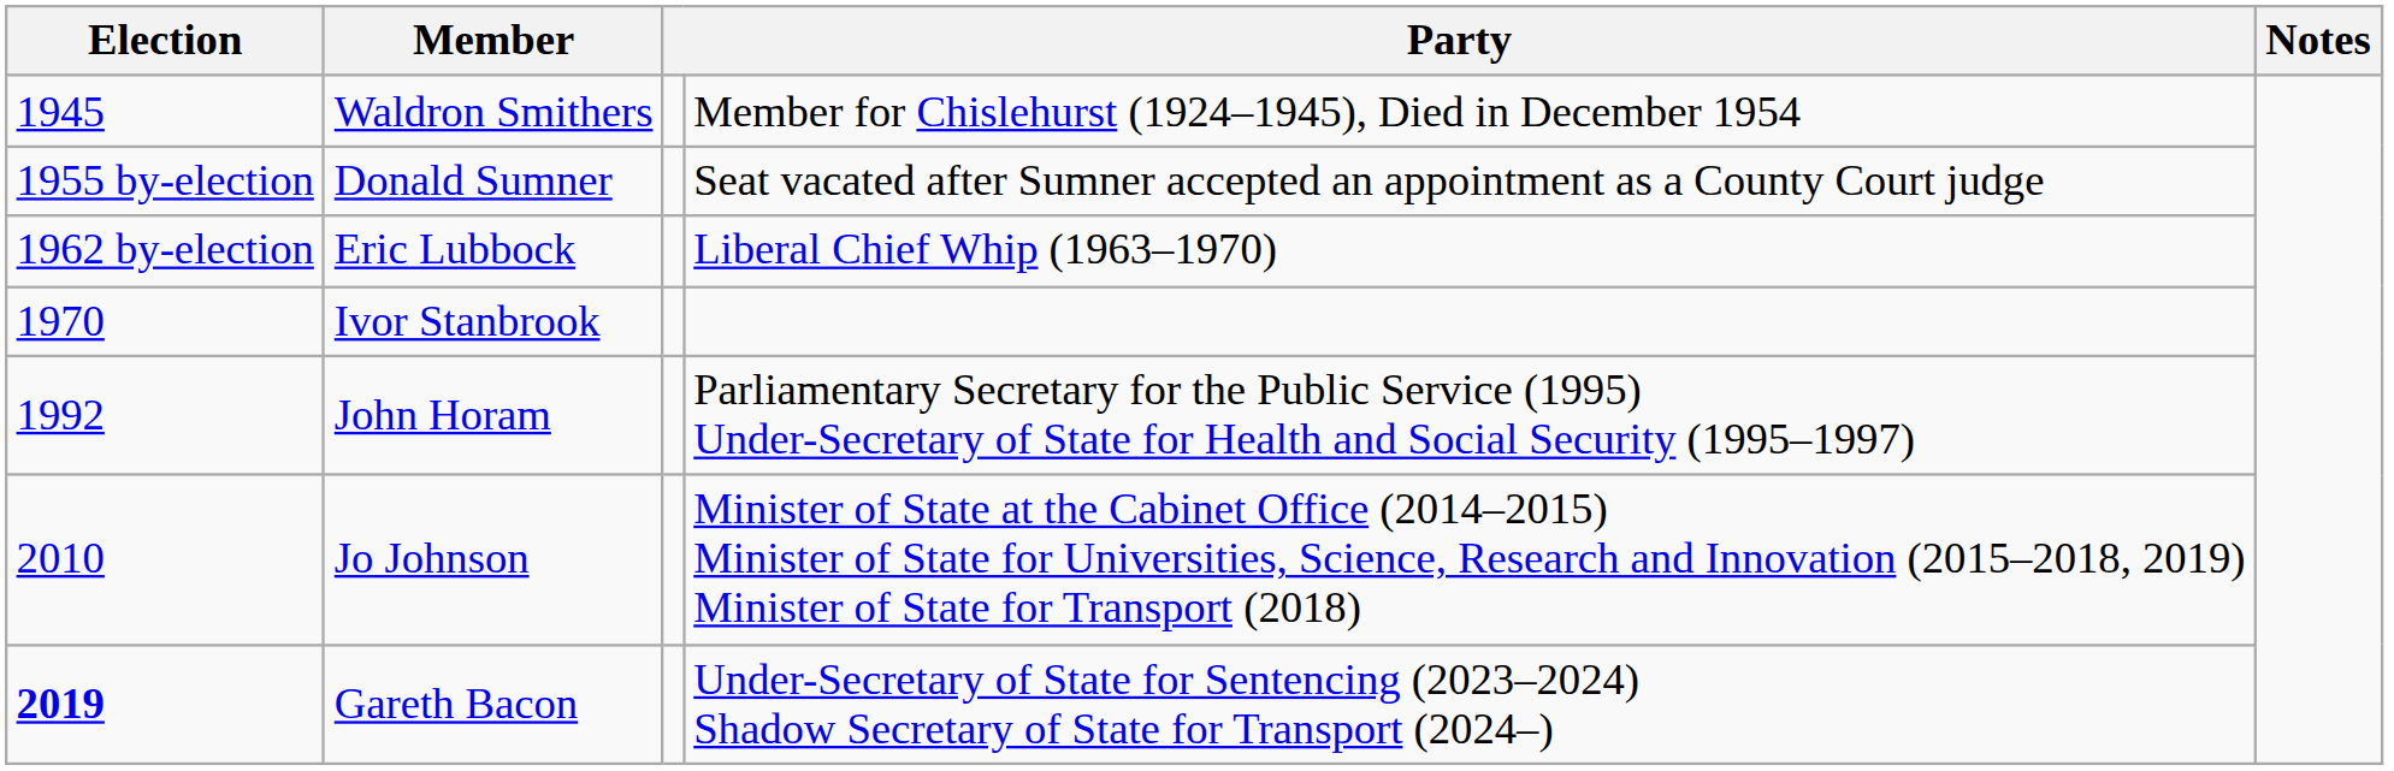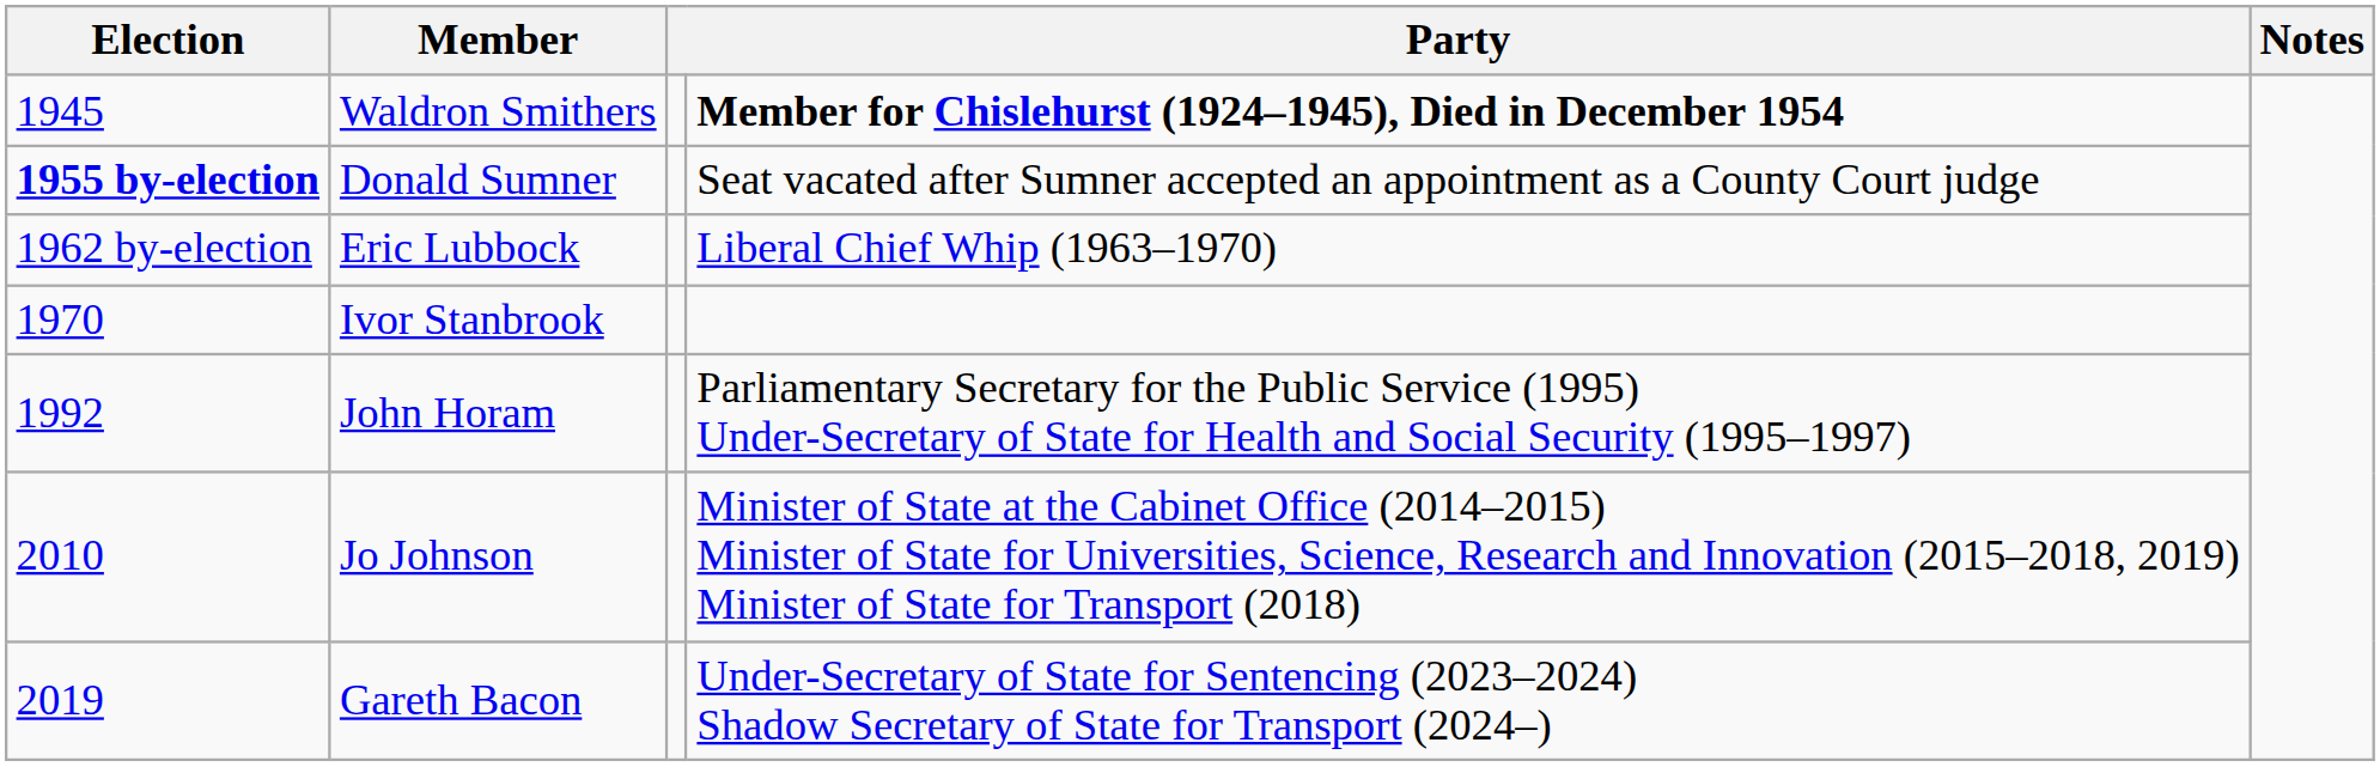 <table class="wikitable">
 <tr>
 <th>Election</th>
 <th>Member</th>
 <th colspan=2>Party</th>
 <th>Notes</th>
 </tr>
 <tr>
 <td><a href='#'>1945</a></td>
 <td><a href='#'>Waldron Smithers</a></td>
 <td></td>
-<td>Member for <a href='#'>Chislehurst</a> (1924–1945), Died in December 1954</td>
+<td><strong>Member for <a href='#'>Chislehurst</a> (1924–1945), Died in December 1954</strong></td>
 </tr>
 <tr>
-<td><a href='#'>1955 by-election</a></td>
+<td><strong><a href='#'>1955 by-election</a></strong></td>
 <td><a href='#'>Donald Sumner</a></td>
 <td></td>
 <td>Seat vacated after Sumner accepted an appointment as a County Court judge</td>
 </tr>
 <tr>
 <td><a href='#'>1962 by-election</a></td>
 <td><a href='#'>Eric Lubbock</a></td>
 <td></td>
 <td><a href='#'>Liberal Chief Whip</a> (1963–1970)</td>
 </tr>
 <tr>
 <td><a href='#'>1970</a></td>
 <td><a href='#'>Ivor Stanbrook</a></td>
 <td></td>
 <td></td>
 </tr>
 <tr>
 <td><a href='#'>1992</a></td>
 <td><a href='#'>John Horam</a></td>
 <td></td>
 <td>Parliamentary Secretary for the Public Service (1995)<br><a href='#'>Under-Secretary of State for Health and Social Security</a> (1995–1997)</td>
 </tr>
 <tr>
 <td><a href='#'>2010</a></td>
 <td><a href='#'>Jo Johnson</a></td>
 <td></td>
 <td><a href='#'>Minister of State at the Cabinet Office</a> (2014–2015)<br><a href='#'>Minister of State for Universities, Science, Research and Innovation</a> (2015–2018, 2019)<br><a href='#'>Minister of State for Transport</a> (2018)</td>
 </tr>
 <tr>
-<td><strong><a href='#'>2019</a></strong></td>
+<td><a href='#'>2019</a></td>
 <td><a href='#'>Gareth Bacon</a></td>
 <td></td>
 <td><a href='#'>Under-Secretary of State for Sentencing</a> (2023–2024)<br><a href='#'>Shadow Secretary of State for Transport</a> (2024–)</td>
 </tr>
 </table>
